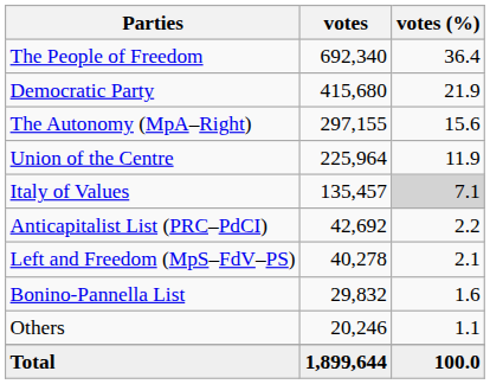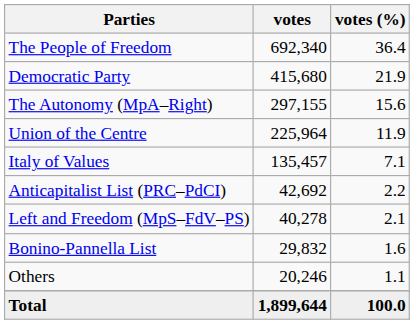 <table class="wikitable" style="font-size:95%">
 <tr bgcolor="EFEFEF">
 <th>Parties</th>
 <th>votes</th>
 <th>votes (%)</th>
 </tr>
 <tr>
 <td><a href='#'>The People of Freedom</a></td>
 <td align=right valign=top>692,340</td>
 <td align=right valign=top>36.4</td>
 </tr>
 <tr>
 <td><a href='#'>Democratic Party</a></td>
 <td align=right>415,680</td>
 <td align=right>21.9</td>
 </tr>
 <tr>
 <td><a href='#'>The Autonomy</a> (<a href='#'>MpA</a>–<a href='#'>Right</a>)</td>
 <td align=right>297,155</td>
 <td align=right>15.6</td>
 </tr>
 <tr>
 <td><a href='#'>Union of the Centre</a></td>
 <td align=right>225,964</td>
 <td align=right>11.9</td>
 </tr>
 <tr>
 <td><a href='#'>Italy of Values</a></td>
 <td align=right>135,457</td>
-<td align=right style="background: lightgrey;">7.1</td>
+<td align=right>7.1</td>
 </tr>
 <tr>
 <td><a href='#'>Anticapitalist List</a> (<a href='#'>PRC</a>–<a href='#'>PdCI</a>)</td>
 <td align=right>42,692</td>
 <td align=right>2.2</td>
 </tr>
 <tr>
 <td><a href='#'>Left and Freedom</a> (<a href='#'>MpS</a>–<a href='#'>FdV</a>–<a href='#'>PS</a>)</td>
 <td align=right>40,278</td>
 <td align=right>2.1</td>
 </tr>
 <tr>
 <td><a href='#'>Bonino-Pannella List</a></td>
 <td align=right>29,832</td>
 <td align=right>1.6</td>
 </tr>
 <tr>
 <td>Others</td>
 <td align=right>20,246</td>
 <td align=right>1.1</td>
 </tr>
 <tr>
 </tr>
 <tr bgcolor="EFEFEF">
 <td><strong>Total</strong></td>
 <td align=right><strong>1,899,644</strong></td>
 <td align=right><strong>100.0</strong></td>
 </tr>
 </table>
